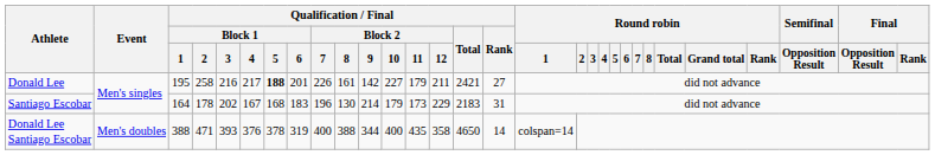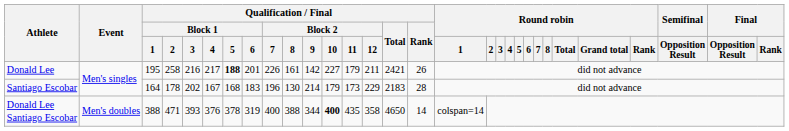 <table class=wikitable style=font-size:75%;text-align:center>
 <tr>
 <th rowspan=3>Athlete</th>
 <th rowspan=3>Event</th>
 <th colspan=14>Qualification / Final</th>
 <th colspan=11 rowspan=2>Round robin</th>
 <th rowspan=2>Semifinal</th>
 <th rowspan=2 colspan=2>Final</th>
 </tr>
 <tr style=font-size:95%>
 <th colspan=6>Block 1</th>
 <th colspan=6>Block 2</th>
 <th rowspan=2>Total</th>
 <th rowspan=2>Rank</th>
 </tr>
 <tr style=font-size:95%>
 <th>1</th>
 <th>2</th>
 <th>3</th>
 <th>4</th>
 <th>5</th>
 <th>6</th>
 <th>7</th>
 <th>8</th>
 <th>9</th>
 <th>10</th>
 <th>11</th>
 <th>12</th>
 <th>1</th>
 <th>2</th>
 <th>3</th>
 <th>4</th>
 <th>5</th>
 <th>6</th>
 <th>7</th>
 <th>8</th>
 <th>Total</th>
 <th>Grand total</th>
 <th>Rank</th>
 <th>Opposition<br>Result</th>
 <th>Opposition<br>Result</th>
 <th>Rank</th>
 </tr>
 <tr>
 <td align=left><a href='#'>Donald Lee</a></td>
 <td align=left rowspan=2><a href='#'>Men's singles</a></td>
 <td>195</td>
 <td>258</td>
 <td>216</td>
 <td>217</td>
 <td><strong>188</strong></td>
 <td>201</td>
 <td>226</td>
 <td>161</td>
 <td>142</td>
 <td>227</td>
 <td>179</td>
 <td>211</td>
 <td>2421</td>
-<td>27</td>
+<td>26</td>
 <td colspan=14>did not advance</td>
 </tr>
 <tr>
 <td align=left><a href='#'>Santiago Escobar</a></td>
 <td>164</td>
 <td>178</td>
 <td>202</td>
 <td>167</td>
 <td>168</td>
 <td>183</td>
 <td>196</td>
 <td>130</td>
 <td>214</td>
 <td>179</td>
 <td>173</td>
 <td>229</td>
 <td>2183</td>
-<td>31</td>
+<td>28</td>
 <td colspan=14>did not advance</td>
 </tr>
 <tr>
 <td align=left><a href='#'>Donald Lee</a><br><a href='#'>Santiago Escobar</a></td>
 <td align=left><a href='#'>Men's doubles</a></td>
 <td>388</td>
 <td>471</td>
 <td>393</td>
 <td>376</td>
 <td>378</td>
 <td>319</td>
 <td>400</td>
 <td>388</td>
 <td>344</td>
-<td>400</td>
+<td><strong>400</strong></td>
 <td>435</td>
 <td>358</td>
 <td>4650</td>
 <td>14</td>
 <td>colspan=14 </td>
 </tr>
 </table>
